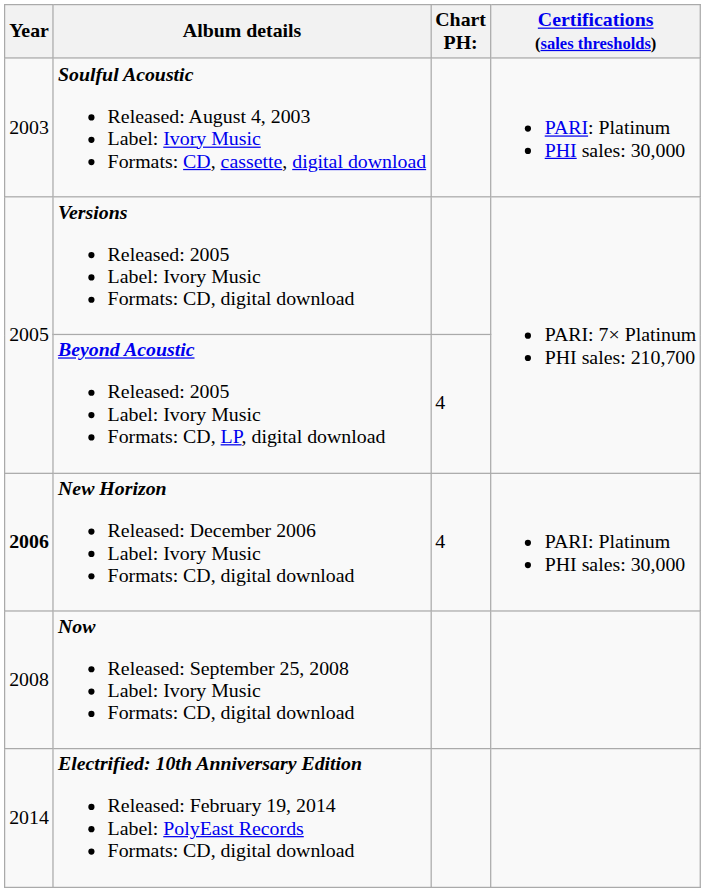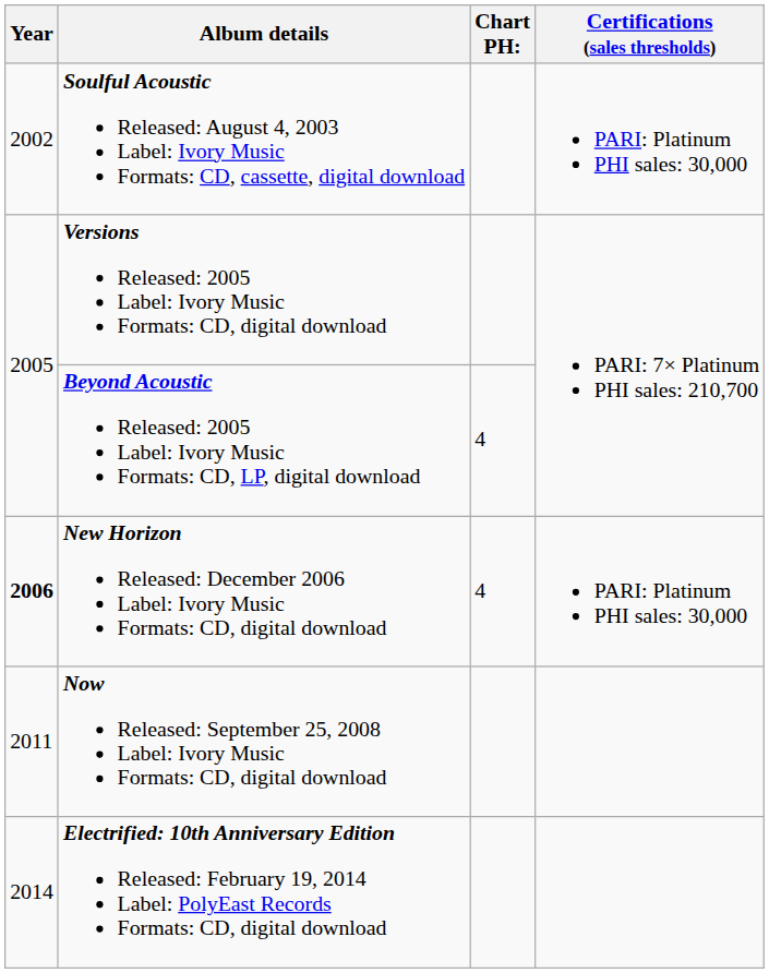 <table class="wikitable">
 <tr>
 <th>Year</th>
 <th>Album details</th>
 <th>Chart<br>PH:</th>
 <th><a href='#'>Certifications</a><br><small>(<a href='#'>sales thresholds</a>)</small></th>
 </tr>
 <tr>
-<td>2003</td>
+<td>2002</td>
 <td><strong><em>Soulful Acoustic</em></strong><br><ul><li>Released: August 4, 2003</li><li>Label: <a href='#'>Ivory Music</a></li><li>Formats: <a href='#'>CD</a>, <a href='#'>cassette</a>, <a href='#'>digital download</a></li></ul></td>
 <td></td>
 <td><br><ul><li><a href='#'>PARI</a>: Platinum</li><li><a href='#'>PHI</a> sales: 30,000</li></ul></td>
 </tr>
 <tr>
 <td rowspan="2">2005</td>
 <td><strong><em>Versions</em></strong><br><ul><li>Released: 2005</li><li>Label: Ivory Music</li><li>Formats: CD, digital download</li></ul></td>
 <td></td>
 <td rowspan="2"><br><ul><li>PARI: 7× Platinum</li><li>PHI sales: 210,700</li></ul></td>
 </tr>
 <tr>
 <td><strong><em><a href='#'>Beyond Acoustic</a></em></strong><br><ul><li>Released: 2005</li><li>Label: Ivory Music</li><li>Formats: CD, <a href='#'>LP</a>, digital download</li></ul></td>
 <td>4</td>
 </tr>
 <tr>
 <td><strong>2006</strong></td>
 <td><strong><em>New Horizon</em></strong><br><ul><li>Released: December 2006</li><li>Label: Ivory Music</li><li>Formats: CD, digital download</li></ul></td>
 <td>4</td>
 <td><br><ul><li>PARI: Platinum</li><li>PHI sales: 30,000</li></ul></td>
 </tr>
 <tr>
-<td>2008</td>
+<td>2011</td>
 <td><strong><em>Now</em></strong><br><ul><li>Released: September 25, 2008</li><li>Label: Ivory Music</li><li>Formats: CD, digital download</li></ul></td>
 <td></td>
 <td></td>
 </tr>
 <tr>
 <td>2014</td>
 <td><strong><em>Electrified: 10th Anniversary Edition</em></strong><br><ul><li>Released: February 19, 2014</li><li>Label: <a href='#'>PolyEast Records</a></li><li>Formats: CD, digital download</li></ul></td>
 <td></td>
 <td></td>
 </tr>
 <tr>
 </tr>
 </table>
